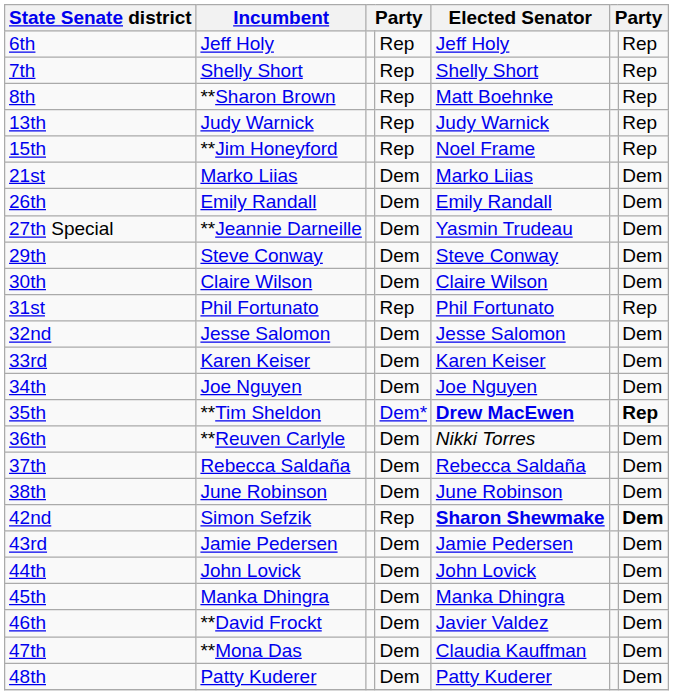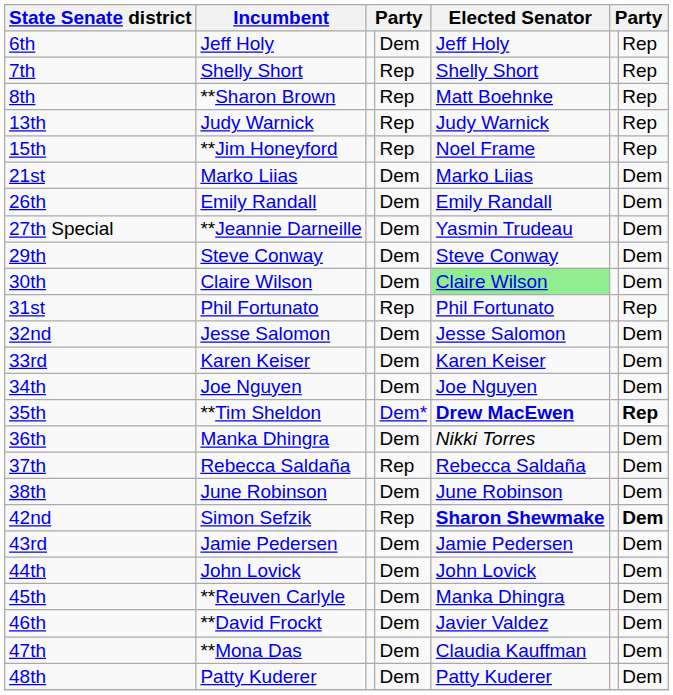 <table class="sortable wikitable" style="font-size:95%;line-height:14px;">
 <tr>
 <th colspan="1" class="unsortable"><a href='#'>State Senate</a> district</th>
 <th class="unsortable"><a href='#'>Incumbent</a></th>
 <th colspan="2">Party</th>
 <th class="unsortable">Elected Senator</th>
 <th colspan="2">Party</th>
 </tr>
 <tr>
 <td><a href='#'>6th</a></td>
 <td><a href='#'>Jeff Holy</a></td>
 <td style="background:"></td>
-<td>Rep</td>
+<td>Dem</td>
 <td><a href='#'>Jeff Holy</a></td>
 <td style="background:"></td>
 <td>Rep</td>
 </tr>
 <tr>
 <td><a href='#'>7th</a></td>
 <td><a href='#'>Shelly Short</a></td>
 <td style="background:"></td>
 <td>Rep</td>
 <td><a href='#'>Shelly Short</a></td>
 <td style="background:"></td>
 <td>Rep</td>
 </tr>
 <tr>
 <td><a href='#'>8th</a></td>
 <td>**<a href='#'>Sharon Brown</a></td>
 <td style="background:"></td>
 <td>Rep</td>
 <td><a href='#'>Matt Boehnke</a></td>
 <td style="background:"></td>
 <td>Rep</td>
 </tr>
 <tr>
 <td><a href='#'>13th</a></td>
 <td><a href='#'>Judy Warnick</a></td>
 <td style="background:"></td>
 <td>Rep</td>
 <td><a href='#'>Judy Warnick</a></td>
 <td style="background:"></td>
 <td>Rep</td>
 </tr>
 <tr>
 <td><a href='#'>15th</a></td>
 <td>**<a href='#'>Jim Honeyford</a></td>
 <td style="background:"></td>
 <td>Rep</td>
 <td><a href='#'>Noel Frame</a></td>
 <td style="background:"></td>
 <td>Rep</td>
 </tr>
 <tr>
 <td><a href='#'>21st</a></td>
 <td><a href='#'>Marko Liias</a></td>
 <td style="background:"></td>
 <td>Dem</td>
 <td><a href='#'>Marko Liias</a></td>
 <td style="background:"></td>
 <td>Dem</td>
 </tr>
 <tr>
 <td><a href='#'>26th</a></td>
 <td><a href='#'>Emily Randall</a></td>
 <td style="background:"></td>
 <td>Dem</td>
 <td><a href='#'>Emily Randall</a></td>
 <td style="background:"></td>
 <td>Dem</td>
 </tr>
 <tr>
 <td><a href='#'>27th</a> Special</td>
 <td>**<a href='#'>Jeannie Darneille</a></td>
 <td style="background:"></td>
 <td>Dem</td>
 <td><a href='#'>Yasmin Trudeau</a></td>
 <td style="background:"></td>
 <td>Dem</td>
 </tr>
 <tr>
 <td><a href='#'>29th</a></td>
 <td><a href='#'>Steve Conway</a></td>
 <td style="background:"></td>
 <td>Dem</td>
 <td><a href='#'>Steve Conway</a></td>
 <td style="background:"></td>
 <td>Dem</td>
 </tr>
 <tr>
 <td><a href='#'>30th</a></td>
 <td><a href='#'>Claire Wilson</a></td>
 <td style="background:"></td>
 <td>Dem</td>
-<td><a href='#'>Claire Wilson</a></td>
+<td style="background: lightgreen;"><a href='#'>Claire Wilson</a></td>
 <td style="background:"></td>
 <td>Dem</td>
 </tr>
 <tr>
 <td><a href='#'>31st</a></td>
 <td><a href='#'>Phil Fortunato</a></td>
 <td style="background:"></td>
 <td>Rep</td>
 <td><a href='#'>Phil Fortunato</a></td>
 <td style="background:"></td>
 <td>Rep</td>
 </tr>
 <tr>
 <td><a href='#'>32nd</a></td>
 <td><a href='#'>Jesse Salomon</a></td>
 <td style="background:"></td>
 <td>Dem</td>
 <td><a href='#'>Jesse Salomon</a></td>
 <td style="background:"></td>
 <td>Dem</td>
 </tr>
 <tr>
 <td><a href='#'>33rd</a></td>
 <td><a href='#'>Karen Keiser</a></td>
 <td style="background:"></td>
 <td>Dem</td>
 <td><a href='#'>Karen Keiser</a></td>
 <td style="background:"></td>
 <td>Dem</td>
 </tr>
 <tr>
 <td><a href='#'>34th</a></td>
 <td><a href='#'>Joe Nguyen</a></td>
 <td style="background:"></td>
 <td>Dem</td>
 <td><a href='#'>Joe Nguyen</a></td>
 <td style="background:"></td>
 <td>Dem</td>
 </tr>
 <tr>
 <td><a href='#'>35th</a></td>
 <td>**<a href='#'>Tim Sheldon</a></td>
 <td style="background:"></td>
 <td><a href='#'>Dem*</a></td>
 <td><strong><a href='#'>Drew MacEwen</a></strong></td>
 <td style="background:"></td>
 <td><strong>Rep</strong></td>
 </tr>
 <tr>
 <td><a href='#'>36th</a></td>
-<td>**<a href='#'>Reuven Carlyle</a></td>
+<td><a href='#'>Manka Dhingra</a></td>
 <td style="background:"></td>
 <td>Dem</td>
 <td><em>Nikki Torres</em></td>
 <td style="background:"></td>
 <td>Dem</td>
 </tr>
 <tr>
 <td><a href='#'>37th</a></td>
 <td><a href='#'>Rebecca Saldaña</a></td>
 <td style="background:"></td>
-<td>Dem</td>
+<td>Rep</td>
 <td><a href='#'>Rebecca Saldaña</a></td>
 <td style="background:"></td>
 <td>Dem</td>
 </tr>
 <tr>
 <td><a href='#'>38th</a></td>
 <td><a href='#'>June Robinson</a></td>
 <td style="background:"></td>
 <td>Dem</td>
 <td><a href='#'>June Robinson</a></td>
 <td style="background:"></td>
 <td>Dem</td>
 </tr>
 <tr>
 <td><a href='#'>42nd</a></td>
 <td><a href='#'>Simon Sefzik</a></td>
 <td style="background:"></td>
 <td>Rep</td>
 <td><strong><a href='#'>Sharon Shewmake</a></strong></td>
 <td style="background:"></td>
 <td><strong>Dem</strong></td>
 </tr>
 <tr>
 <td><a href='#'>43rd</a></td>
 <td><a href='#'>Jamie Pedersen</a></td>
 <td style="background:"></td>
 <td>Dem</td>
 <td><a href='#'>Jamie Pedersen</a></td>
 <td style="background:"></td>
 <td>Dem</td>
 </tr>
 <tr>
 <td><a href='#'>44th</a></td>
 <td><a href='#'>John Lovick</a></td>
 <td style="background:"></td>
 <td>Dem</td>
 <td><a href='#'>John Lovick</a></td>
 <td style="background:"></td>
 <td>Dem</td>
 </tr>
 <tr>
 <td><a href='#'>45th</a></td>
-<td><a href='#'>Manka Dhingra</a></td>
+<td>**<a href='#'>Reuven Carlyle</a></td>
 <td style="background:"></td>
 <td>Dem</td>
 <td><a href='#'>Manka Dhingra</a></td>
 <td style="background:"></td>
 <td>Dem</td>
 </tr>
 <tr>
 <td><a href='#'>46th</a></td>
 <td>**<a href='#'>David Frockt</a></td>
 <td style="background:"></td>
 <td>Dem</td>
 <td><a href='#'>Javier Valdez</a></td>
 <td style="background:"></td>
 <td>Dem</td>
 </tr>
 <tr>
 <td><a href='#'>47th</a></td>
 <td>**<a href='#'>Mona Das</a></td>
 <td style="background:"></td>
 <td>Dem</td>
 <td><a href='#'>Claudia Kauffman</a></td>
 <td style="background:"></td>
 <td>Dem</td>
 </tr>
 <tr>
 <td><a href='#'>48th</a></td>
 <td><a href='#'>Patty Kuderer</a></td>
 <td style="background:"></td>
 <td>Dem</td>
 <td><a href='#'>Patty Kuderer</a></td>
 <td style="background:"></td>
 <td>Dem</td>
 </tr>
 <tr>
 </tr>
 </table>
